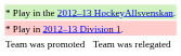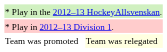 <table>
 <tr style="background: #D0F0C0;">
 <td colspan=2><small> * Play in the <a href='#'>2012–13 HockeyAllsvenskan</a>.</small></td>
 </tr>
 <tr style="background: #FFCCCC;">
 <td colspan=2><small> * Play in <a href='#'>2012–13 Division 1</a>.</small></td>
 </tr>
 <tr>
 <td><small>  Team was promoted</small></td>
-<td><small>  Team was relegated</small></td>
+<td style="background: lightyellow;"><small>  Team was relegated</small></td>
 </tr>
 </table>
